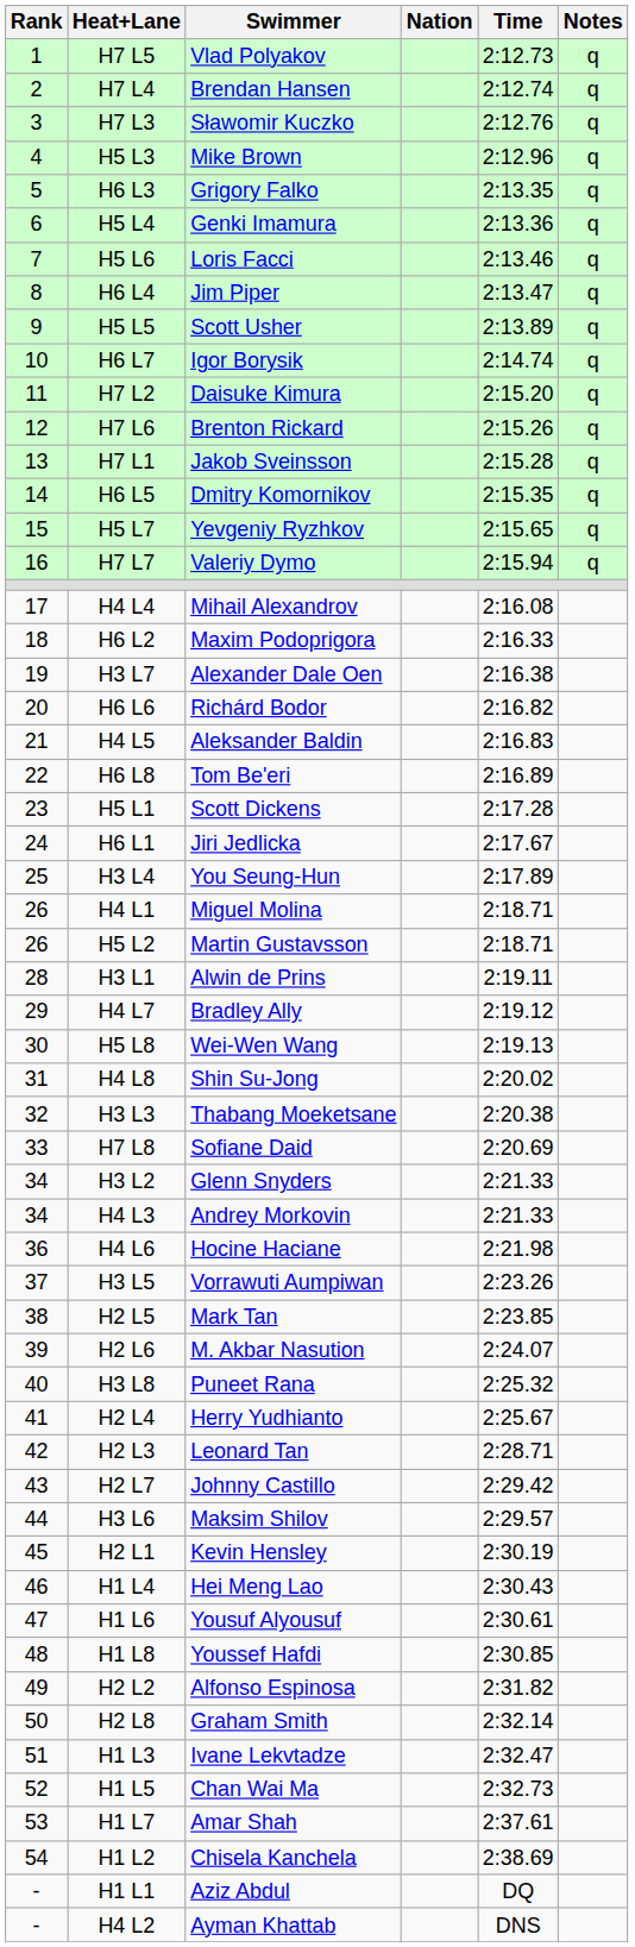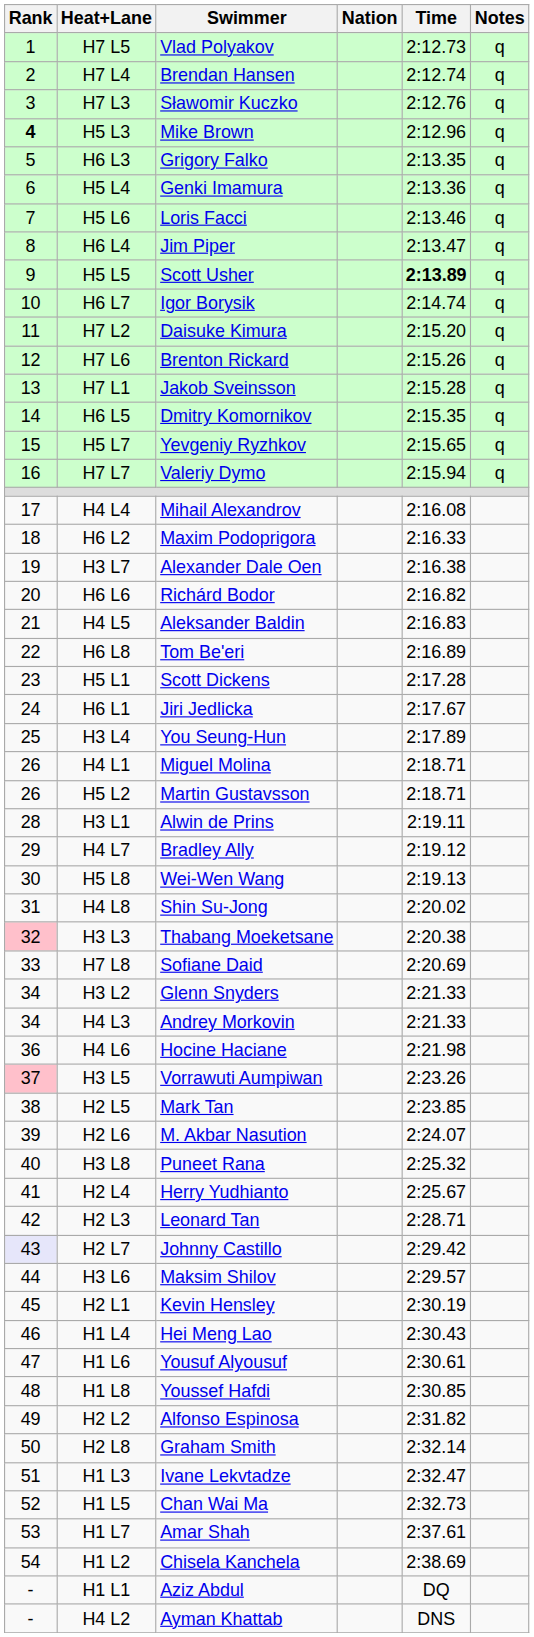 <table class="wikitable sortable" style="text-align:center">
 <tr>
 <th>Rank</th>
 <th>Heat+Lane</th>
 <th>Swimmer</th>
 <th>Nation</th>
 <th>Time</th>
 <th>Notes</th>
 </tr>
 <tr bgcolor=ccffcc>
 <td>1</td>
 <td>H7 L5</td>
 <td align=left><a href='#'>Vlad Polyakov</a></td>
 <td align=left></td>
 <td>2:12.73</td>
 <td>q</td>
 </tr>
 <tr bgcolor=ccffcc>
 <td>2</td>
 <td>H7 L4</td>
 <td align=left><a href='#'>Brendan Hansen</a></td>
 <td align=left></td>
 <td>2:12.74</td>
 <td>q</td>
 </tr>
 <tr bgcolor=ccffcc>
 <td>3</td>
 <td>H7 L3</td>
 <td align=left><a href='#'>Sławomir Kuczko</a></td>
 <td align=left></td>
 <td>2:12.76</td>
 <td>q</td>
 </tr>
 <tr bgcolor=ccffcc>
-<td>4</td>
+<td><strong>4</strong></td>
 <td>H5 L3</td>
 <td align=left><a href='#'>Mike Brown</a></td>
 <td align=left></td>
 <td>2:12.96</td>
 <td>q</td>
 </tr>
 <tr bgcolor=ccffcc>
 <td>5</td>
 <td>H6 L3</td>
 <td align=left><a href='#'>Grigory Falko</a></td>
 <td align=left></td>
 <td>2:13.35</td>
 <td>q</td>
 </tr>
 <tr bgcolor=ccffcc>
 <td>6</td>
 <td>H5 L4</td>
 <td align=left><a href='#'>Genki Imamura</a></td>
 <td align=left></td>
 <td>2:13.36</td>
 <td>q</td>
 </tr>
 <tr bgcolor=ccffcc>
 <td>7</td>
 <td>H5 L6</td>
 <td align=left><a href='#'>Loris Facci</a></td>
 <td align=left></td>
 <td>2:13.46</td>
 <td>q</td>
 </tr>
 <tr bgcolor=ccffcc>
 <td>8</td>
 <td>H6 L4</td>
 <td align=left><a href='#'>Jim Piper</a></td>
 <td align=left></td>
 <td>2:13.47</td>
 <td>q</td>
 </tr>
 <tr bgcolor=ccffcc>
 <td>9</td>
 <td>H5 L5</td>
 <td align=left><a href='#'>Scott Usher</a></td>
 <td align=left></td>
-<td>2:13.89</td>
+<td><strong>2:13.89</strong></td>
 <td>q</td>
 </tr>
 <tr bgcolor=ccffcc>
 <td>10</td>
 <td>H6 L7</td>
 <td align=left><a href='#'>Igor Borysik</a></td>
 <td align=left></td>
 <td>2:14.74</td>
 <td>q</td>
 </tr>
 <tr bgcolor=ccffcc>
 <td>11</td>
 <td>H7 L2</td>
 <td align=left><a href='#'>Daisuke Kimura</a></td>
 <td align=left></td>
 <td>2:15.20</td>
 <td>q</td>
 </tr>
 <tr bgcolor=ccffcc>
 <td>12</td>
 <td>H7 L6</td>
 <td align=left><a href='#'>Brenton Rickard</a></td>
 <td align=left></td>
 <td>2:15.26</td>
 <td>q</td>
 </tr>
 <tr bgcolor=ccffcc>
 <td>13</td>
 <td>H7 L1</td>
 <td align=left><a href='#'>Jakob Sveinsson</a></td>
 <td align=left></td>
 <td>2:15.28</td>
 <td>q</td>
 </tr>
 <tr bgcolor=ccffcc>
 <td>14</td>
 <td>H6 L5</td>
 <td align=left><a href='#'>Dmitry Komornikov</a></td>
 <td align=left></td>
 <td>2:15.35</td>
 <td>q</td>
 </tr>
 <tr bgcolor=ccffcc>
 <td>15</td>
 <td>H5 L7</td>
 <td align=left><a href='#'>Yevgeniy Ryzhkov</a></td>
 <td align=left></td>
 <td>2:15.65</td>
 <td>q</td>
 </tr>
 <tr bgcolor=ccffcc>
 <td>16</td>
 <td>H7 L7</td>
 <td align=left><a href='#'>Valeriy Dymo</a></td>
 <td align=left></td>
 <td>2:15.94</td>
 <td>q</td>
 </tr>
 <tr bgcolor=#DDDDDD>
 <td colspan=6></td>
 </tr>
 <tr>
 <td>17</td>
 <td>H4 L4</td>
 <td align=left><a href='#'>Mihail Alexandrov</a></td>
 <td align=left></td>
 <td>2:16.08</td>
 <td></td>
 </tr>
 <tr>
 <td>18</td>
 <td>H6 L2</td>
 <td align=left><a href='#'>Maxim Podoprigora</a></td>
 <td align=left></td>
 <td>2:16.33</td>
 <td></td>
 </tr>
 <tr>
 <td>19</td>
 <td>H3 L7</td>
 <td align=left><a href='#'>Alexander Dale Oen</a></td>
 <td align=left></td>
 <td>2:16.38</td>
 <td></td>
 </tr>
 <tr>
 <td>20</td>
 <td>H6 L6</td>
 <td align=left><a href='#'>Richárd Bodor</a></td>
 <td align=left></td>
 <td>2:16.82</td>
 <td></td>
 </tr>
 <tr>
 <td>21</td>
 <td>H4 L5</td>
 <td align=left><a href='#'>Aleksander Baldin</a></td>
 <td align=left></td>
 <td>2:16.83</td>
 <td></td>
 </tr>
 <tr>
 <td>22</td>
 <td>H6 L8</td>
 <td align=left><a href='#'>Tom Be'eri</a></td>
 <td align=left></td>
 <td>2:16.89</td>
 <td></td>
 </tr>
 <tr>
 <td>23</td>
 <td>H5 L1</td>
 <td align=left><a href='#'>Scott Dickens</a></td>
 <td align=left></td>
 <td>2:17.28</td>
 <td></td>
 </tr>
 <tr>
 <td>24</td>
 <td>H6 L1</td>
 <td align=left><a href='#'>Jiri Jedlicka</a></td>
 <td align=left></td>
 <td>2:17.67</td>
 <td></td>
 </tr>
 <tr>
 <td>25</td>
 <td>H3 L4</td>
 <td align=left><a href='#'>You Seung-Hun</a></td>
 <td align=left></td>
 <td>2:17.89</td>
 <td></td>
 </tr>
 <tr>
 <td>26</td>
 <td>H4 L1</td>
 <td align=left><a href='#'>Miguel Molina</a></td>
 <td align=left></td>
 <td>2:18.71</td>
 <td></td>
 </tr>
 <tr>
 <td>26</td>
 <td>H5 L2</td>
 <td align=left><a href='#'>Martin Gustavsson</a></td>
 <td align=left></td>
 <td>2:18.71</td>
 <td></td>
 </tr>
 <tr>
 <td>28</td>
 <td>H3 L1</td>
 <td align=left><a href='#'>Alwin de Prins</a></td>
 <td align=left></td>
 <td>2:19.11</td>
 <td></td>
 </tr>
 <tr>
 <td>29</td>
 <td>H4 L7</td>
 <td align=left><a href='#'>Bradley Ally</a></td>
 <td align=left></td>
 <td>2:19.12</td>
 <td></td>
 </tr>
 <tr>
 <td>30</td>
 <td>H5 L8</td>
 <td align=left><a href='#'>Wei-Wen Wang</a></td>
 <td align=left></td>
 <td>2:19.13</td>
 <td></td>
 </tr>
 <tr>
 <td>31</td>
 <td>H4 L8</td>
 <td align=left><a href='#'>Shin Su-Jong</a></td>
 <td align=left></td>
 <td>2:20.02</td>
 <td></td>
 </tr>
 <tr>
-<td>32</td>
+<td style="background: pink;">32</td>
 <td>H3 L3</td>
 <td align=left><a href='#'>Thabang Moeketsane</a></td>
 <td align=left></td>
 <td>2:20.38</td>
 <td></td>
 </tr>
 <tr>
 <td>33</td>
 <td>H7 L8</td>
 <td align=left><a href='#'>Sofiane Daid</a></td>
 <td align=left></td>
 <td>2:20.69</td>
 <td></td>
 </tr>
 <tr>
 <td>34</td>
 <td>H3 L2</td>
 <td align=left><a href='#'>Glenn Snyders</a></td>
 <td align=left></td>
 <td>2:21.33</td>
 <td></td>
 </tr>
 <tr>
 <td>34</td>
 <td>H4 L3</td>
 <td align=left><a href='#'>Andrey Morkovin</a></td>
 <td align=left></td>
 <td>2:21.33</td>
 <td></td>
 </tr>
 <tr>
 <td>36</td>
 <td>H4 L6</td>
 <td align=left><a href='#'>Hocine Haciane</a></td>
 <td align=left></td>
 <td>2:21.98</td>
 <td></td>
 </tr>
 <tr>
-<td>37</td>
+<td style="background: pink;">37</td>
 <td>H3 L5</td>
 <td align=left><a href='#'>Vorrawuti Aumpiwan</a></td>
 <td align=left></td>
 <td>2:23.26</td>
 <td></td>
 </tr>
 <tr>
 <td>38</td>
 <td>H2 L5</td>
 <td align=left><a href='#'>Mark Tan</a></td>
 <td align=left></td>
 <td>2:23.85</td>
 <td></td>
 </tr>
 <tr>
 <td>39</td>
 <td>H2 L6</td>
 <td align=left><a href='#'>M. Akbar Nasution</a></td>
 <td align=left></td>
 <td>2:24.07</td>
 <td></td>
 </tr>
 <tr>
 <td>40</td>
 <td>H3 L8</td>
 <td align=left><a href='#'>Puneet Rana</a></td>
 <td align=left></td>
 <td>2:25.32</td>
 <td></td>
 </tr>
 <tr>
 <td>41</td>
 <td>H2 L4</td>
 <td align=left><a href='#'>Herry Yudhianto</a></td>
 <td align=left></td>
 <td>2:25.67</td>
 <td></td>
 </tr>
 <tr>
 <td>42</td>
 <td>H2 L3</td>
 <td align=left><a href='#'>Leonard Tan</a></td>
 <td align=left></td>
 <td>2:28.71</td>
 <td></td>
 </tr>
 <tr>
-<td>43</td>
+<td style="background: lavender;">43</td>
 <td>H2 L7</td>
 <td align=left><a href='#'>Johnny Castillo</a></td>
 <td align=left></td>
 <td>2:29.42</td>
 <td></td>
 </tr>
 <tr>
 <td>44</td>
 <td>H3 L6</td>
 <td align=left><a href='#'>Maksim Shilov</a></td>
 <td align=left></td>
 <td>2:29.57</td>
 <td></td>
 </tr>
 <tr>
 <td>45</td>
 <td>H2 L1</td>
 <td align=left><a href='#'>Kevin Hensley</a></td>
 <td align=left></td>
 <td>2:30.19</td>
 <td></td>
 </tr>
 <tr>
 <td>46</td>
 <td>H1 L4</td>
 <td align=left><a href='#'>Hei Meng Lao</a></td>
 <td align=left></td>
 <td>2:30.43</td>
 <td></td>
 </tr>
 <tr>
 <td>47</td>
 <td>H1 L6</td>
 <td align=left><a href='#'>Yousuf Alyousuf</a></td>
 <td align=left></td>
 <td>2:30.61</td>
 <td></td>
 </tr>
 <tr>
 <td>48</td>
 <td>H1 L8</td>
 <td align=left><a href='#'>Youssef Hafdi</a></td>
 <td align=left></td>
 <td>2:30.85</td>
 <td></td>
 </tr>
 <tr>
 <td>49</td>
 <td>H2 L2</td>
 <td align=left><a href='#'>Alfonso Espinosa</a></td>
 <td align=left></td>
 <td>2:31.82</td>
 <td></td>
 </tr>
 <tr>
 <td>50</td>
 <td>H2 L8</td>
 <td align=left><a href='#'>Graham Smith</a></td>
 <td align=left></td>
 <td>2:32.14</td>
 <td></td>
 </tr>
 <tr>
 <td>51</td>
 <td>H1 L3</td>
 <td align=left><a href='#'>Ivane Lekvtadze</a></td>
 <td align=left></td>
 <td>2:32.47</td>
 <td></td>
 </tr>
 <tr>
 <td>52</td>
 <td>H1 L5</td>
 <td align=left><a href='#'>Chan Wai Ma</a></td>
 <td align=left></td>
 <td>2:32.73</td>
 <td></td>
 </tr>
 <tr>
 <td>53</td>
 <td>H1 L7</td>
 <td align=left><a href='#'>Amar Shah</a></td>
 <td align=left></td>
 <td>2:37.61</td>
 <td></td>
 </tr>
 <tr>
 <td>54</td>
 <td>H1 L2</td>
 <td align=left><a href='#'>Chisela Kanchela</a></td>
 <td align=left></td>
 <td>2:38.69</td>
 <td></td>
 </tr>
 <tr>
 <td>-</td>
 <td>H1 L1</td>
 <td align=left><a href='#'>Aziz Abdul</a></td>
 <td align=left></td>
 <td>DQ</td>
 <td></td>
 </tr>
 <tr>
 <td>-</td>
 <td>H4 L2</td>
 <td align=left><a href='#'>Ayman Khattab</a></td>
 <td align=left></td>
 <td>DNS</td>
 <td></td>
 </tr>
 <tr>
 </tr>
 </table>
